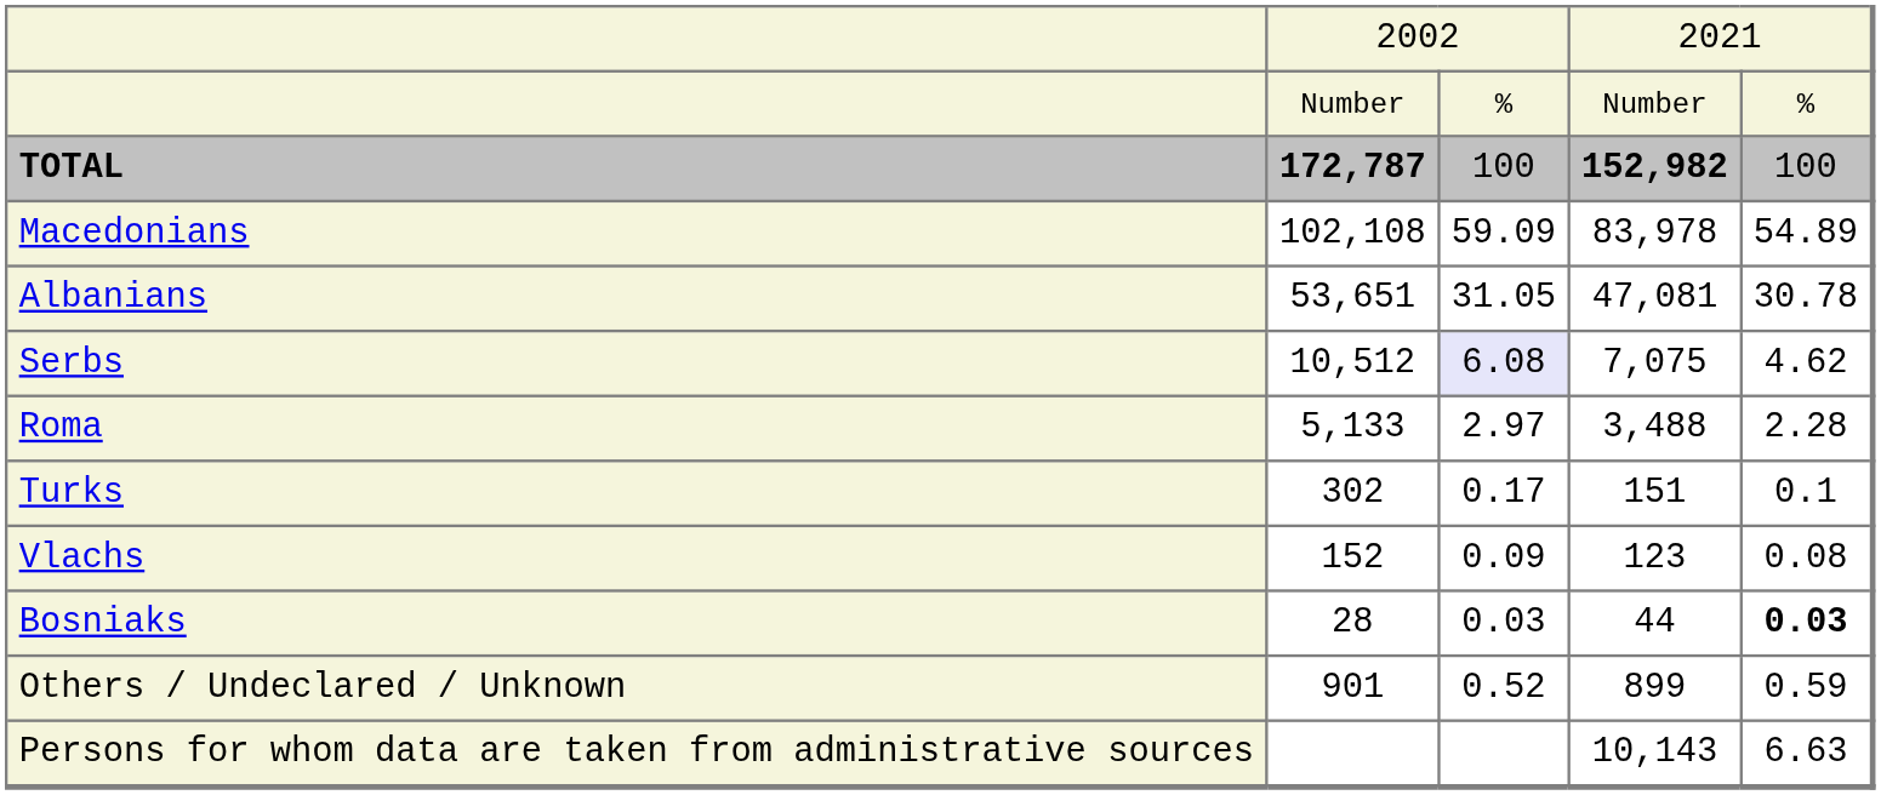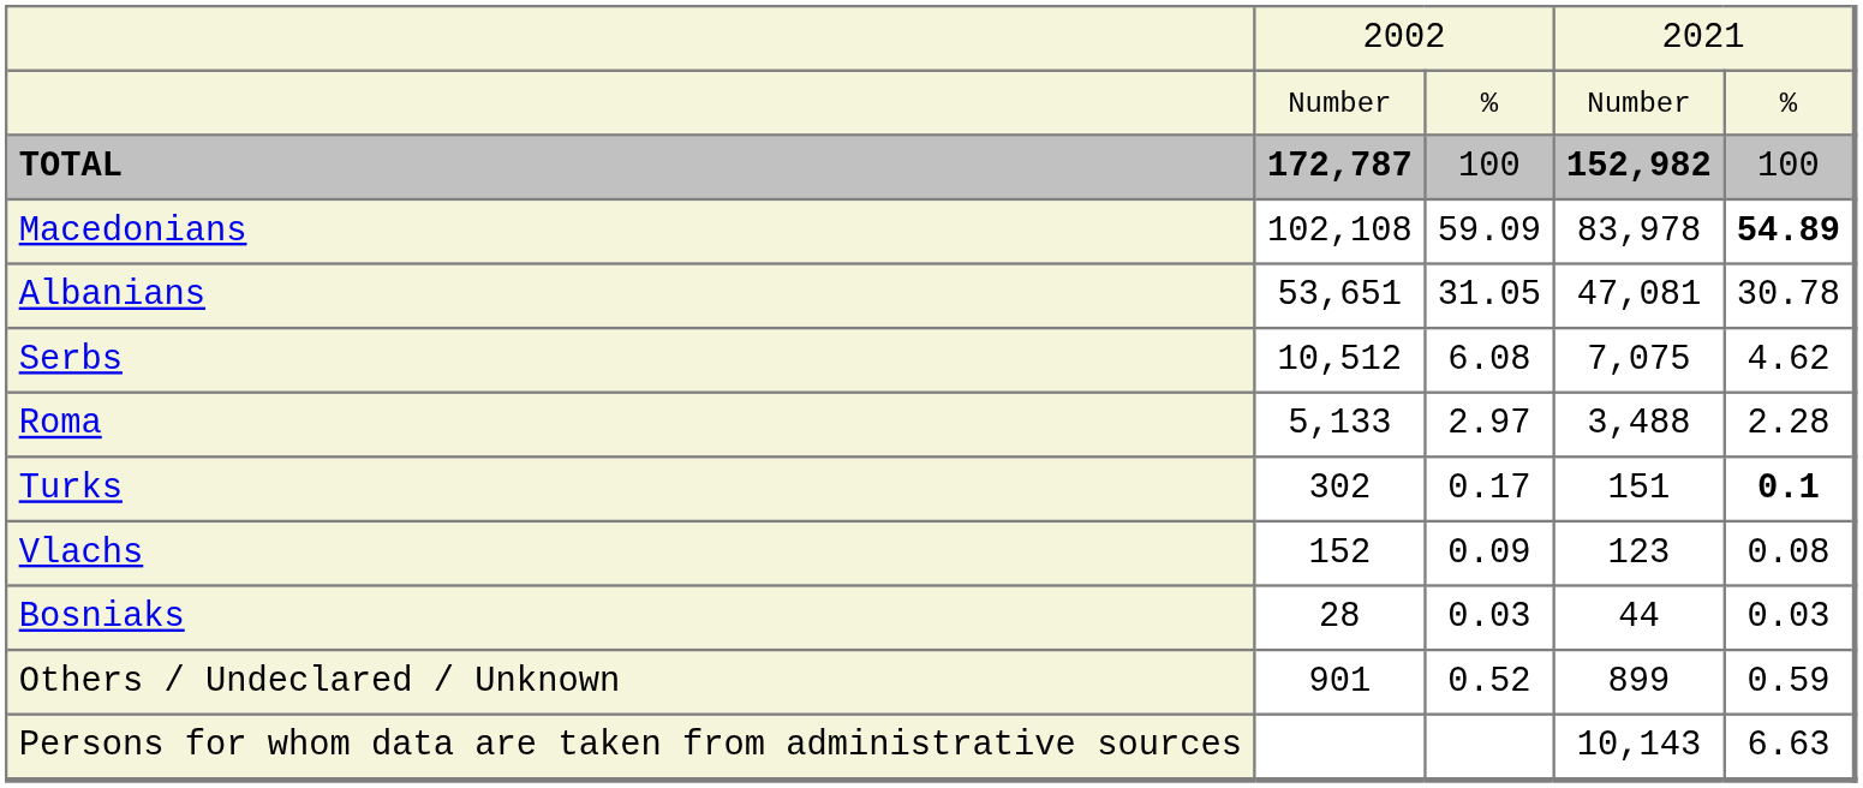 <table border=1 cellpadding=4 cellspacing=0 class="toccolours" style="align: left; margin: 0.5em 0 0 0; border-style: solid; border: 1px solid #7f7f7f; border-right-width: 2px; border-bottom-width: 2px; border-collapse: collapse; font-size: 95%;">
 <tr>
 <td style="background:#F5F5DC;"></td>
 <td colspan="2" style="background:#F5F5DC;" align="center">2002</td>
 <td colspan="2" style="background:#F5F5DC;" align="center">2021</td>
 </tr>
 <tr>
 <td style="background:#F5F5DC;"></td>
 <td style="background:#F5F5DC;" align="center"><small>Number</small></td>
 <td style="background:#F5F5DC;" align="center"><small>%</small></td>
 <td style="background:#F5F5DC;" align="center"><small>Number</small></td>
 <td style="background:#F5F5DC;" align="center"><small>%</small></td>
 </tr>
 <tr>
 <td style="background:#c1c1c1;"><strong>TOTAL</strong></td>
 <td style="background:#c1c1c1;" align="center"><strong>172,787</strong></td>
 <td style="background:#c1c1c1;" align="center">100</td>
 <td style="background:#c1c1c1;" align="center"><strong>152,982</strong></td>
 <td style="background:#c1c1c1;" align="center">100</td>
 </tr>
 <tr>
 <td style="background:#F5F5DC;"><a href='#'>Macedonians</a></td>
 <td align="center">102,108</td>
 <td align="center">59.09</td>
 <td align="center">83,978</td>
-<td align="center">54.89</td>
+<td align="center"><strong>54.89</strong></td>
 </tr>
 <tr>
 <td style="background:#F5F5DC;"><a href='#'>Albanians</a></td>
 <td align="center">53,651</td>
 <td align="center">31.05</td>
 <td align="center">47,081</td>
 <td align="center">30.78</td>
 </tr>
 <tr>
 <td style="background:#F5F5DC;"><a href='#'>Serbs</a></td>
 <td align="center">10,512</td>
-<td align="center" style="background: lavender;">6.08</td>
+<td align="center">6.08</td>
 <td align="center">7,075</td>
 <td align="center">4.62</td>
 </tr>
 <tr>
 <td style="background:#F5F5DC;"><a href='#'>Roma</a></td>
 <td align="center">5,133</td>
 <td align="center">2.97</td>
 <td align="center">3,488</td>
 <td align="center">2.28</td>
 </tr>
 <tr>
 <td style="background:#F5F5DC;"><a href='#'>Turks</a></td>
 <td align="center">302</td>
 <td align="center">0.17</td>
 <td align="center">151</td>
-<td align="center">0.1</td>
+<td align="center"><strong>0.1</strong></td>
 </tr>
 <tr>
 <td style="background:#F5F5DC;"><a href='#'>Vlachs</a></td>
 <td align="center">152</td>
 <td align="center">0.09</td>
 <td align="center">123</td>
 <td align="center">0.08</td>
 </tr>
 <tr>
 <td style="background:#F5F5DC;"><a href='#'>Bosniaks</a></td>
 <td align="center">28</td>
 <td align="center">0.03</td>
 <td align="center">44</td>
-<td align="center"><strong>0.03</strong></td>
+<td align="center">0.03</td>
 </tr>
 <tr>
 <td style="background:#F5F5DC;">Others / Undeclared / Unknown</td>
 <td align="center">901</td>
 <td align="center">0.52</td>
 <td align="center">899</td>
 <td align="center">0.59</td>
 </tr>
 <tr>
 <td style="background:#F5F5DC;">Persons for whom data are taken from administrative sources</td>
 <td></td>
 <td></td>
 <td align="center">10,143</td>
 <td align="center">6.63</td>
 </tr>
 <tr>
 </tr>
 </table>
